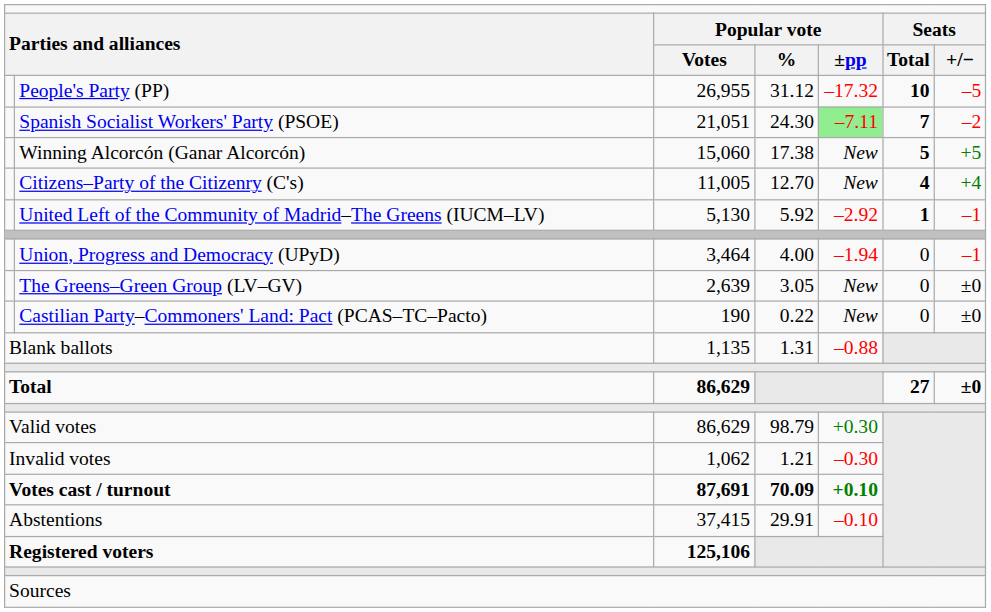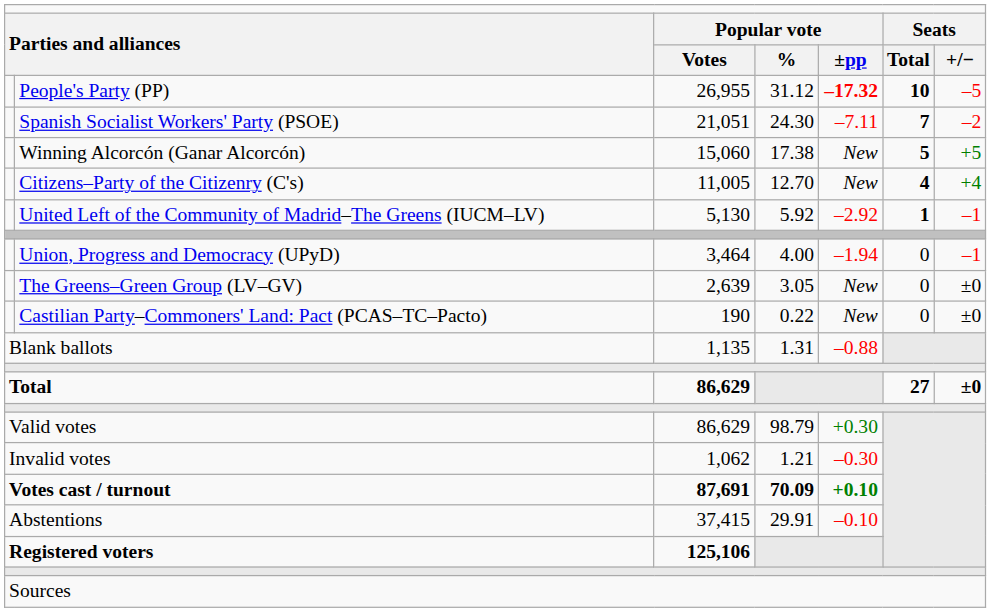 <table class="wikitable" style="text-align:right;">
 <tr>
 <td colspan="7"></td>
 </tr>
 <tr>
 <th style="text-align:left;" rowspan="2" colspan="2" width="525">Parties and alliances</th>
 <th colspan="3">Popular vote</th>
 <th colspan="2">Seats</th>
 </tr>
 <tr>
 <th width="75">Votes</th>
 <th width="45">%</th>
 <th width="45">±<a href='#'>pp</a></th>
 <th width="35">Total</th>
 <th width="35">+/−</th>
 </tr>
 <tr>
 <td width="1" style="color:inherit;background:"></td>
 <td align="left"><a href='#'>People's Party</a> (PP)</td>
 <td>26,955</td>
 <td>31.12</td>
-<td style="color:red;">–17.32</td>
+<td style="color:red;"><strong>–17.32</strong></td>
 <td><strong>10</strong></td>
 <td style="color:red;">–5</td>
 </tr>
 <tr>
 <td style="color:inherit;background:"></td>
 <td align="left"><a href='#'>Spanish Socialist Workers' Party</a> (PSOE)</td>
 <td>21,051</td>
 <td>24.30</td>
-<td style="background: lightgreen; color:red;">–7.11</td>
+<td style="color:red;">–7.11</td>
 <td><strong>7</strong></td>
 <td style="color:red;">–2</td>
 </tr>
 <tr>
 <td style="color:inherit;background:"></td>
 <td align="left">Winning Alcorcón (Ganar Alcorcón)</td>
 <td>15,060</td>
 <td>17.38</td>
 <td><em>New</em></td>
 <td><strong>5</strong></td>
 <td style="color:green;">+5</td>
 </tr>
 <tr>
 <td style="color:inherit;background:"></td>
 <td align="left"><a href='#'>Citizens–Party of the Citizenry</a> (C's)</td>
 <td>11,005</td>
 <td>12.70</td>
 <td><em>New</em></td>
 <td><strong>4</strong></td>
 <td style="color:green;">+4</td>
 </tr>
 <tr>
 <td style="color:inherit;background:"></td>
 <td align="left"><a href='#'>United Left of the Community of Madrid</a>–<a href='#'>The Greens</a> (IUCM–LV)</td>
 <td>5,130</td>
 <td>5.92</td>
 <td style="color:red;">–2.92</td>
 <td><strong>1</strong></td>
 <td style="color:red;">–1</td>
 </tr>
 <tr>
 <td colspan="7" bgcolor="#C0C0C0"></td>
 </tr>
 <tr>
 <td style="color:inherit;background:"></td>
 <td align="left"><a href='#'>Union, Progress and Democracy</a> (UPyD)</td>
 <td>3,464</td>
 <td>4.00</td>
 <td style="color:red;">–1.94</td>
 <td>0</td>
 <td style="color:red;">–1</td>
 </tr>
 <tr>
 <td style="color:inherit;background:"></td>
 <td align="left"><a href='#'>The Greens–Green Group</a> (LV–GV)</td>
 <td>2,639</td>
 <td>3.05</td>
 <td><em>New</em></td>
 <td>0</td>
 <td>±0</td>
 </tr>
 <tr>
 <td style="color:inherit;background:"></td>
 <td align="left"><a href='#'>Castilian Party</a>–<a href='#'>Commoners' Land: Pact</a> (PCAS–TC–Pacto)</td>
 <td>190</td>
 <td>0.22</td>
 <td><em>New</em></td>
 <td>0</td>
 <td>±0</td>
 </tr>
 <tr>
 <td align="left" colspan="2">Blank ballots</td>
 <td>1,135</td>
 <td>1.31</td>
 <td style="color:red;">–0.88</td>
 <td bgcolor="#E9E9E9" colspan="2"></td>
 </tr>
 <tr>
 <td colspan="7" bgcolor="#E9E9E9"></td>
 </tr>
 <tr style="font-weight:bold;">
 <td align="left" colspan="2">Total</td>
 <td>86,629</td>
 <td bgcolor="#E9E9E9" colspan="2"></td>
 <td>27</td>
 <td>±0</td>
 </tr>
 <tr>
 <td colspan="7" bgcolor="#E9E9E9"></td>
 </tr>
 <tr>
 <td align="left" colspan="2">Valid votes</td>
 <td>86,629</td>
 <td>98.79</td>
 <td style="color:green;">+0.30</td>
 <td bgcolor="#E9E9E9" colspan="2" rowspan="5"></td>
 </tr>
 <tr>
 <td align="left" colspan="2">Invalid votes</td>
 <td>1,062</td>
 <td>1.21</td>
 <td style="color:red;">–0.30</td>
 </tr>
 <tr style="font-weight:bold;">
 <td align="left" colspan="2">Votes cast / turnout</td>
 <td>87,691</td>
 <td>70.09</td>
 <td style="color:green;">+0.10</td>
 </tr>
 <tr>
 <td align="left" colspan="2">Abstentions</td>
 <td>37,415</td>
 <td>29.91</td>
 <td style="color:red;">–0.10</td>
 </tr>
 <tr style="font-weight:bold;">
 <td align="left" colspan="2">Registered voters</td>
 <td>125,106</td>
 <td bgcolor="#E9E9E9" colspan="2"></td>
 </tr>
 <tr>
 <td colspan="7" bgcolor="#E9E9E9"></td>
 </tr>
 <tr>
 <td align="left" colspan="7">Sources</td>
 </tr>
 </table>
